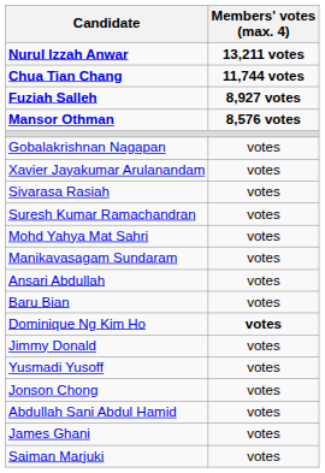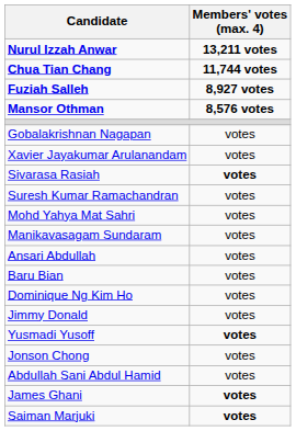 <table class=wikitable style=text-align:center>
 <tr>
 <th>Candidate</th>
 <th>Members' votes<br>(max. 4)</th>
 </tr>
 <tr>
 <td align=left><strong><a href='#'>Nurul Izzah Anwar</a></strong></td>
 <td><strong>13,211 votes</strong></td>
 </tr>
 <tr>
 <td align=left><strong><a href='#'>Chua Tian Chang</a></strong></td>
 <td><strong>11,744 votes</strong></td>
 </tr>
 <tr>
 <td align=left><strong><a href='#'>Fuziah Salleh</a></strong></td>
 <td><strong>8,927 votes</strong></td>
 </tr>
 <tr>
 <td align=left><strong><a href='#'>Mansor Othman</a></strong></td>
 <td><strong>8,576 votes</strong></td>
 </tr>
 <tr>
 <td colspan=3 bgcolor=dcdcdc></td>
 </tr>
 <tr>
 <td align=left><a href='#'>Gobalakrishnan Nagapan</a></td>
 <td>votes</td>
 </tr>
 <tr>
 <td align=left><a href='#'>Xavier Jayakumar Arulanandam</a></td>
 <td>votes</td>
 </tr>
 <tr>
 <td align=left><a href='#'>Sivarasa Rasiah</a></td>
-<td>votes</td>
+<td><strong>votes</strong></td>
 </tr>
 <tr>
 <td align=left><a href='#'>Suresh Kumar Ramachandran</a></td>
 <td>votes</td>
 </tr>
 <tr>
 <td align=left><a href='#'>Mohd Yahya Mat Sahri</a></td>
 <td>votes</td>
 </tr>
 <tr>
 <td align=left><a href='#'>Manikavasagam Sundaram</a></td>
 <td>votes</td>
 </tr>
 <tr>
 <td align=left><a href='#'>Ansari Abdullah</a></td>
 <td>votes</td>
 </tr>
 <tr>
 <td align=left><a href='#'>Baru Bian</a></td>
 <td>votes</td>
 </tr>
 <tr>
 <td align=left><a href='#'>Dominique Ng Kim Ho</a></td>
-<td><strong>votes</strong></td>
+<td>votes</td>
 </tr>
 <tr>
 <td align=left><a href='#'>Jimmy Donald</a></td>
 <td>votes</td>
 </tr>
 <tr>
 <td align=left><a href='#'>Yusmadi Yusoff</a></td>
-<td>votes</td>
+<td><strong>votes</strong></td>
 </tr>
 <tr>
 <td align=left><a href='#'>Jonson Chong</a></td>
 <td>votes</td>
 </tr>
 <tr>
 <td align=left><a href='#'>Abdullah Sani Abdul Hamid</a></td>
 <td>votes</td>
 </tr>
 <tr>
 <td align=left><a href='#'>James Ghani</a></td>
-<td>votes</td>
+<td><strong>votes</strong></td>
 </tr>
 <tr>
 <td align=left><a href='#'>Saiman Marjuki</a></td>
-<td>votes</td>
+<td><strong>votes</strong></td>
 </tr>
 </table>
